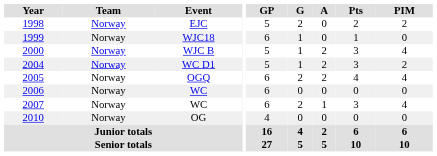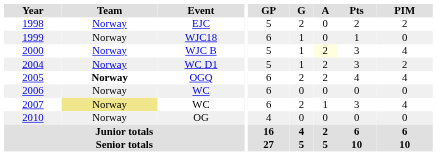 <table border="0" cellpadding="1" cellspacing="0" ID="Table3" style="text-align:center; width:40em">
 <tr ALIGN="center" bgcolor="#e0e0e0">
 <th>Year</th>
 <th>Team</th>
 <th>Event</th>
 <th rowspan="102" bgcolor="#ffffff"></th>
 <th>GP</th>
 <th>G</th>
 <th>A</th>
 <th>Pts</th>
 <th>PIM</th>
 </tr>
 <tr>
 <td><a href='#'>1998</a></td>
 <td><a href='#'>Norway</a></td>
 <td><a href='#'>EJC</a></td>
 <td>5</td>
 <td>2</td>
 <td>0</td>
 <td>2</td>
 <td>2</td>
 </tr>
 <tr bgcolor="#f0f0f0">
 <td><a href='#'>1999</a></td>
 <td>Norway</td>
 <td><a href='#'>WJC18</a></td>
 <td>6</td>
 <td>1</td>
 <td>0</td>
 <td>1</td>
 <td>0</td>
 </tr>
 <tr>
 <td><a href='#'>2000</a></td>
 <td><a href='#'>Norway</a></td>
 <td><a href='#'>WJC B</a></td>
 <td>5</td>
 <td>1</td>
-<td>2</td>
+<td style="background: lightyellow;">2</td>
 <td>3</td>
 <td>4</td>
 </tr>
 <tr bgcolor="#f0f0f0">
 <td><a href='#'>2004</a></td>
 <td><a href='#'>Norway</a></td>
 <td><a href='#'>WC D1</a></td>
 <td>5</td>
 <td>1</td>
 <td>2</td>
 <td>3</td>
 <td>2</td>
 </tr>
 <tr>
 <td><a href='#'>2005</a></td>
-<td>Norway</td>
+<td><strong>Norway</strong></td>
 <td><a href='#'>OGQ</a></td>
 <td>6</td>
 <td>2</td>
 <td>2</td>
 <td>4</td>
 <td>4</td>
 </tr>
 <tr bgcolor="#f0f0f0">
 <td><a href='#'>2006</a></td>
 <td>Norway</td>
 <td><a href='#'>WC</a></td>
 <td>6</td>
 <td>0</td>
 <td>0</td>
 <td>0</td>
 <td>0</td>
 </tr>
 <tr>
 <td><a href='#'>2007</a></td>
-<td>Norway</td>
+<td style="background: khaki;">Norway</td>
 <td>WC</td>
 <td>6</td>
 <td>2</td>
 <td>1</td>
 <td>3</td>
 <td>4</td>
 </tr>
 <tr bgcolor="#f0f0f0">
 <td><a href='#'>2010</a></td>
 <td>Norway</td>
 <td>OG</td>
 <td>4</td>
 <td>0</td>
 <td>0</td>
 <td>0</td>
 <td>0</td>
 </tr>
 <tr bgcolor="#e0e0e0">
 <th colspan=3>Junior totals</th>
 <th>16</th>
 <th>4</th>
 <th>2</th>
 <th>6</th>
 <th>6</th>
 </tr>
 <tr bgcolor="#e0e0e0">
 <th colspan=3>Senior totals</th>
 <th>27</th>
 <th>5</th>
 <th>5</th>
 <th>10</th>
 <th>10</th>
 </tr>
 </table>
